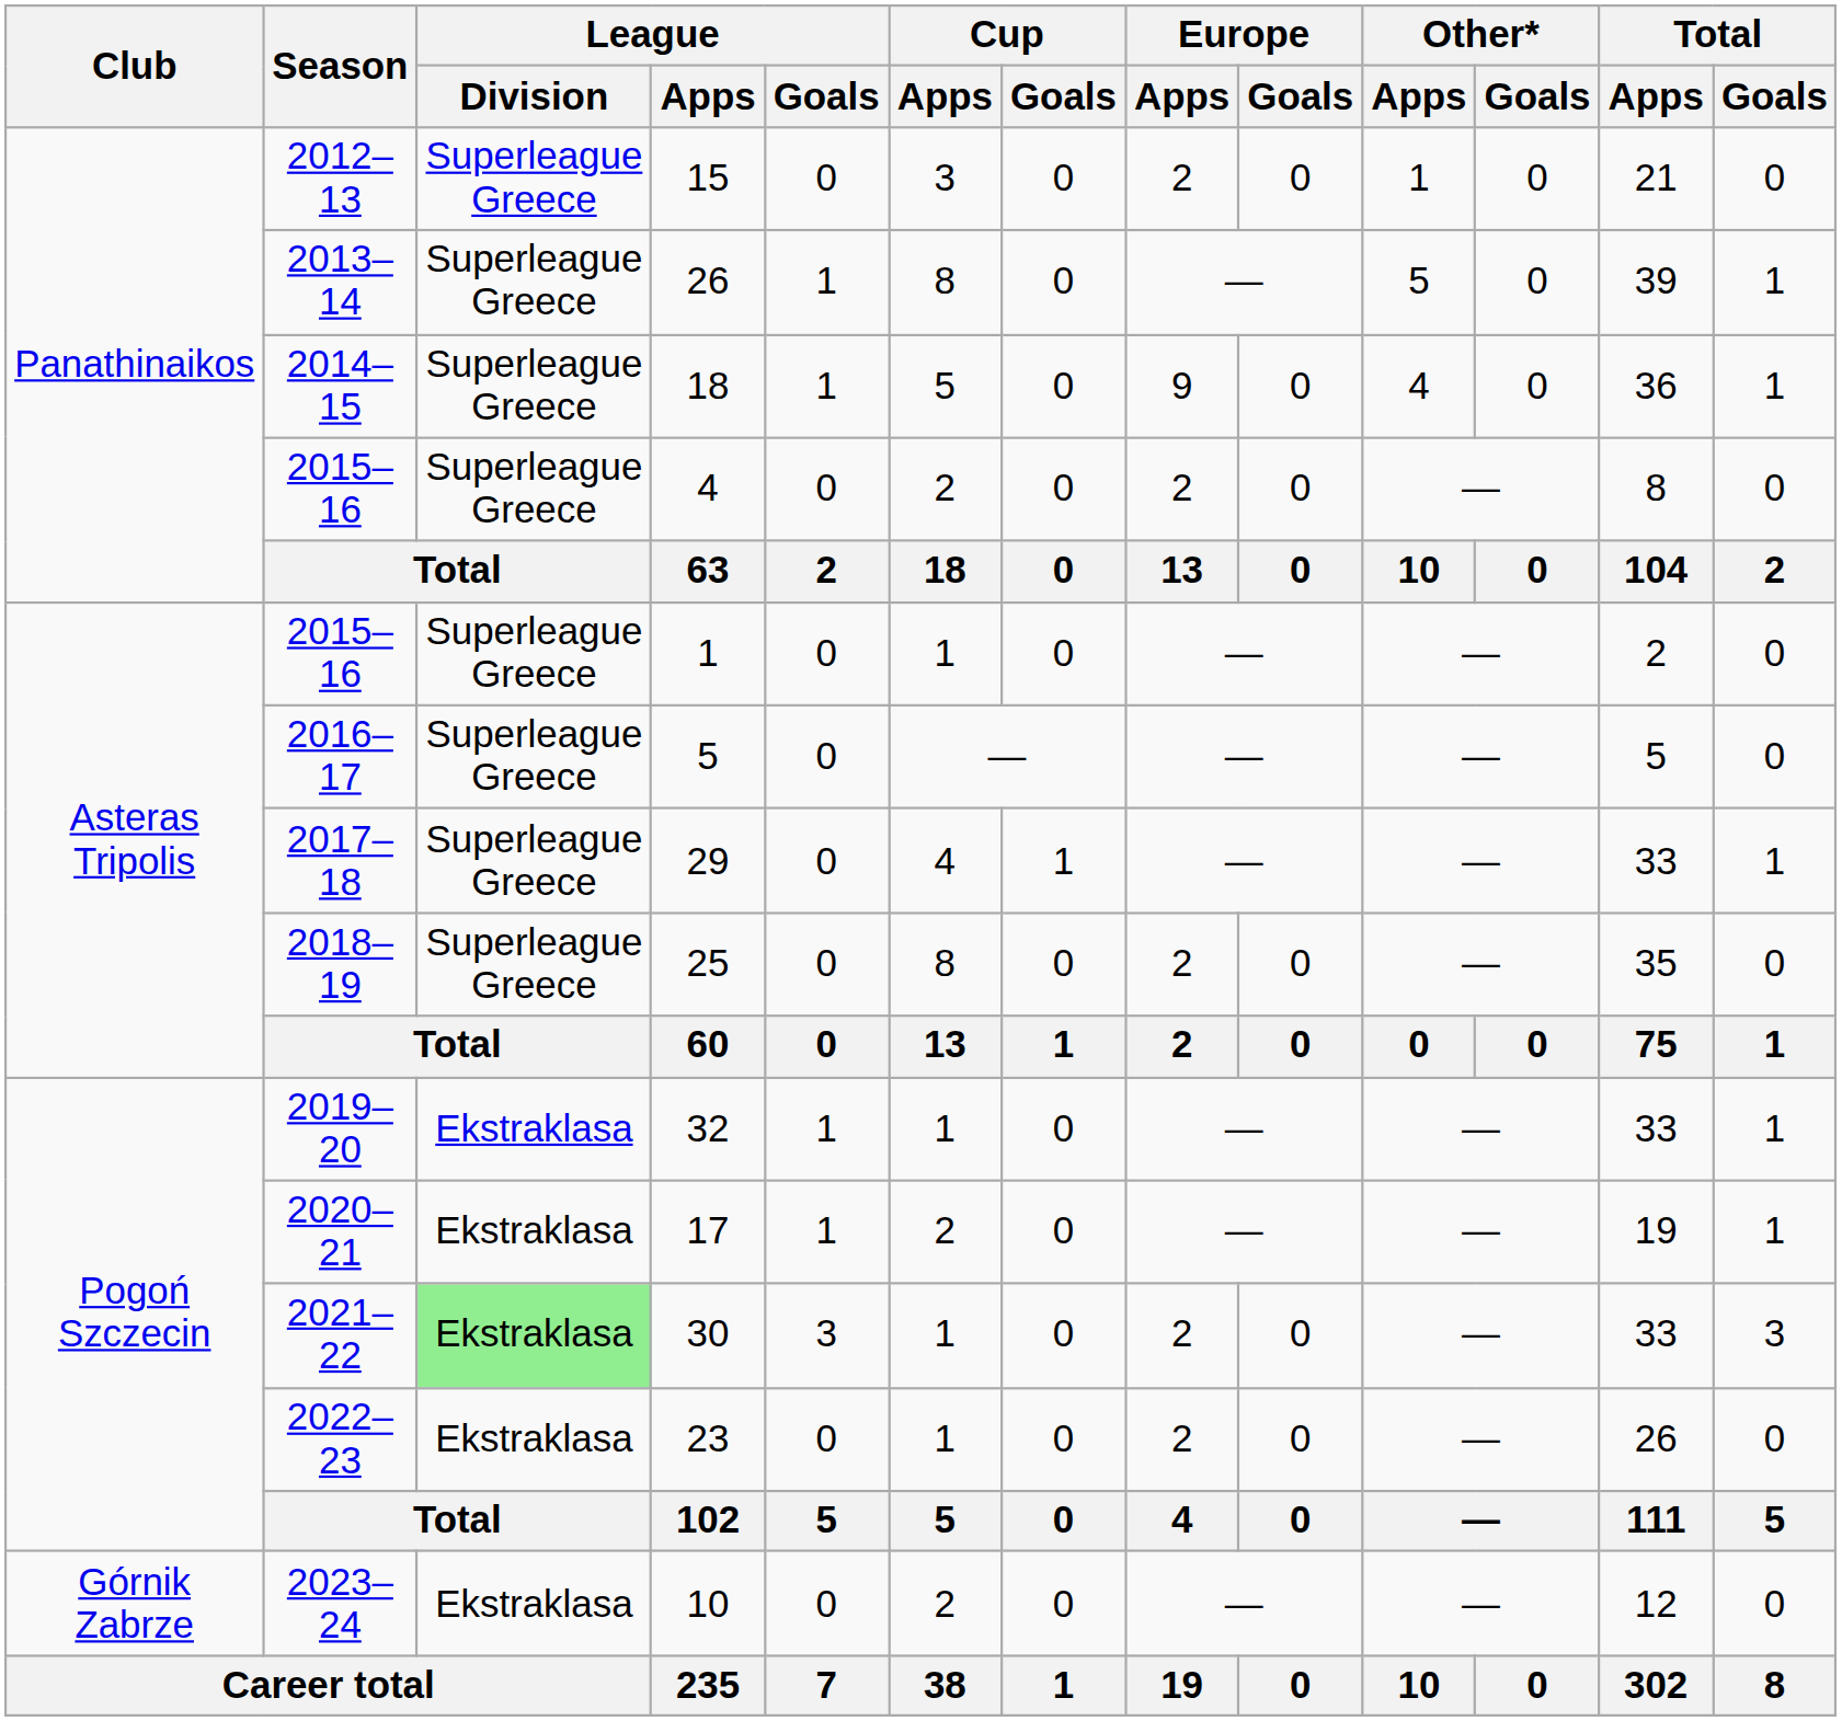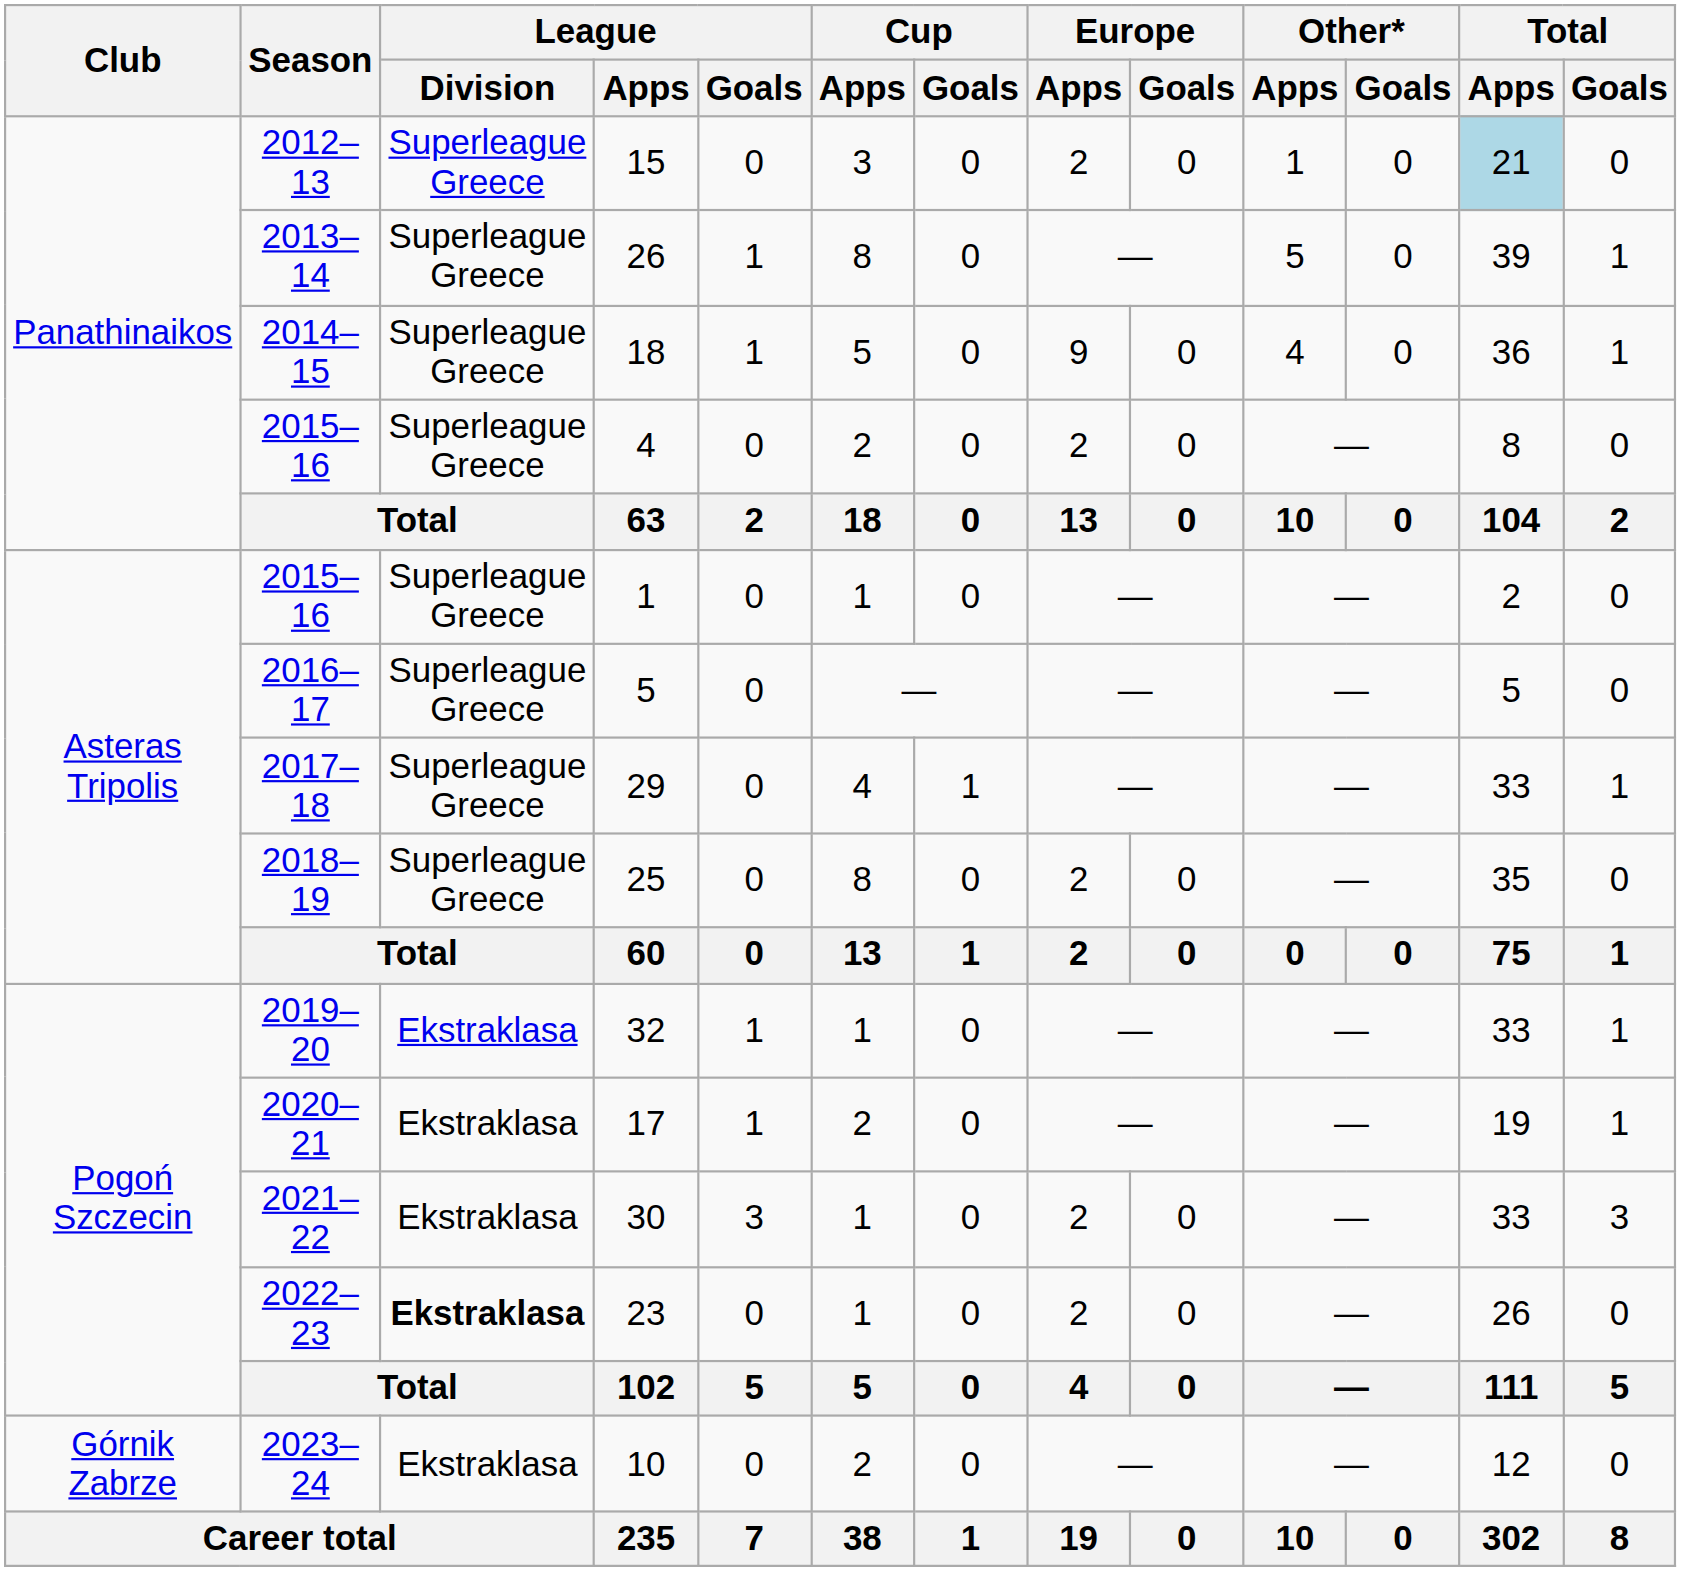 <table class="wikitable" style="text-align: center;">
 <tr>
 <th rowspan=2>Club</th>
 <th rowspan=2>Season</th>
 <th colspan="3">League</th>
 <th colspan=2>Cup</th>
 <th colspan=2>Europe</th>
 <th colspan=2>Other*</th>
 <th colspan=2>Total</th>
 </tr>
 <tr>
 <th>Division</th>
 <th>Apps</th>
 <th>Goals</th>
 <th>Apps</th>
 <th>Goals</th>
 <th>Apps</th>
 <th>Goals</th>
 <th>Apps</th>
 <th>Goals</th>
 <th>Apps</th>
 <th>Goals</th>
 </tr>
 <tr>
 <td rowspan=5><a href='#'>Panathinaikos</a></td>
 <td><a href='#'>2012–13</a></td>
 <td><a href='#'>Superleague Greece</a></td>
 <td>15</td>
 <td>0</td>
 <td>3</td>
 <td>0</td>
 <td>2</td>
 <td>0</td>
 <td>1</td>
 <td>0</td>
-<td>21</td>
+<td style="background: lightblue;">21</td>
 <td>0</td>
 </tr>
 <tr>
 <td><a href='#'>2013–14</a></td>
 <td>Superleague Greece</td>
 <td>26</td>
 <td>1</td>
 <td>8</td>
 <td>0</td>
 <td colspan="2">—</td>
 <td>5</td>
 <td>0</td>
 <td>39</td>
 <td>1</td>
 </tr>
 <tr>
 <td><a href='#'>2014–15</a></td>
 <td>Superleague Greece</td>
 <td>18</td>
 <td>1</td>
 <td>5</td>
 <td>0</td>
 <td>9</td>
 <td>0</td>
 <td>4</td>
 <td>0</td>
 <td>36</td>
 <td>1</td>
 </tr>
 <tr>
 <td><a href='#'>2015–16</a></td>
 <td>Superleague Greece</td>
 <td>4</td>
 <td>0</td>
 <td>2</td>
 <td>0</td>
 <td>2</td>
 <td>0</td>
 <td colspan="2">—</td>
 <td>8</td>
 <td>0</td>
 </tr>
 <tr>
 <th colspan="2">Total</th>
 <th>63</th>
 <th>2</th>
 <th>18</th>
 <th>0</th>
 <th>13</th>
 <th>0</th>
 <th>10</th>
 <th>0</th>
 <th>104</th>
 <th>2</th>
 </tr>
 <tr>
 <td rowspan=5><a href='#'>Asteras Tripolis</a></td>
 <td><a href='#'>2015–16</a></td>
 <td>Superleague Greece</td>
 <td>1</td>
 <td>0</td>
 <td>1</td>
 <td>0</td>
 <td colspan="2">—</td>
 <td colspan="2">—</td>
 <td>2</td>
 <td>0</td>
 </tr>
 <tr>
 <td><a href='#'>2016–17</a></td>
 <td>Superleague Greece</td>
 <td>5</td>
 <td>0</td>
 <td colspan="2">—</td>
 <td colspan="2">—</td>
 <td colspan="2">—</td>
 <td>5</td>
 <td>0</td>
 </tr>
 <tr>
 <td><a href='#'>2017–18</a></td>
 <td>Superleague Greece</td>
 <td>29</td>
 <td>0</td>
 <td>4</td>
 <td>1</td>
 <td colspan="2">—</td>
 <td colspan="2">—</td>
 <td>33</td>
 <td>1</td>
 </tr>
 <tr>
 <td><a href='#'>2018–19</a></td>
 <td>Superleague Greece</td>
 <td>25</td>
 <td>0</td>
 <td>8</td>
 <td>0</td>
 <td>2</td>
 <td>0</td>
 <td colspan="2">—</td>
 <td>35</td>
 <td>0</td>
 </tr>
 <tr>
 <th colspan="2">Total</th>
 <th>60</th>
 <th>0</th>
 <th>13</th>
 <th>1</th>
 <th>2</th>
 <th>0</th>
 <th>0</th>
 <th>0</th>
 <th>75</th>
 <th>1</th>
 </tr>
 <tr>
 <td rowspan=5><a href='#'>Pogoń Szczecin</a></td>
 <td><a href='#'>2019–20</a></td>
 <td><a href='#'>Ekstraklasa</a></td>
 <td>32</td>
 <td>1</td>
 <td>1</td>
 <td>0</td>
 <td colspan="2">—</td>
 <td colspan="2">—</td>
 <td>33</td>
 <td>1</td>
 </tr>
 <tr>
 <td><a href='#'>2020–21</a></td>
 <td>Ekstraklasa</td>
 <td>17</td>
 <td>1</td>
 <td>2</td>
 <td>0</td>
 <td colspan="2">—</td>
 <td colspan="2">—</td>
 <td>19</td>
 <td>1</td>
 </tr>
 <tr>
 <td><a href='#'>2021–22</a></td>
-<td style="background: lightgreen;">Ekstraklasa</td>
+<td>Ekstraklasa</td>
 <td>30</td>
 <td>3</td>
 <td>1</td>
 <td>0</td>
 <td>2</td>
 <td>0</td>
 <td colspan="2">—</td>
 <td>33</td>
 <td>3</td>
 </tr>
 <tr>
 <td><a href='#'>2022–23</a></td>
-<td>Ekstraklasa</td>
+<td><strong>Ekstraklasa</strong></td>
 <td>23</td>
 <td>0</td>
 <td>1</td>
 <td>0</td>
 <td>2</td>
 <td>0</td>
 <td colspan="2">—</td>
 <td>26</td>
 <td>0</td>
 </tr>
 <tr>
 <th colspan="2">Total</th>
 <th>102</th>
 <th>5</th>
 <th>5</th>
 <th>0</th>
 <th>4</th>
 <th>0</th>
 <th colspan="2">—</th>
 <th>111</th>
 <th>5</th>
 </tr>
 <tr>
 <td><a href='#'>Górnik Zabrze</a></td>
 <td><a href='#'>2023–24</a></td>
 <td>Ekstraklasa</td>
 <td>10</td>
 <td>0</td>
 <td>2</td>
 <td>0</td>
 <td colspan="2">—</td>
 <td colspan="2">—</td>
 <td>12</td>
 <td>0</td>
 </tr>
 <tr>
 <th colspan="3">Career total</th>
 <th>235</th>
 <th>7</th>
 <th>38</th>
 <th>1</th>
 <th>19</th>
 <th>0</th>
 <th>10</th>
 <th>0</th>
 <th>302</th>
 <th>8</th>
 </tr>
 <tr>
 </tr>
 </table>
